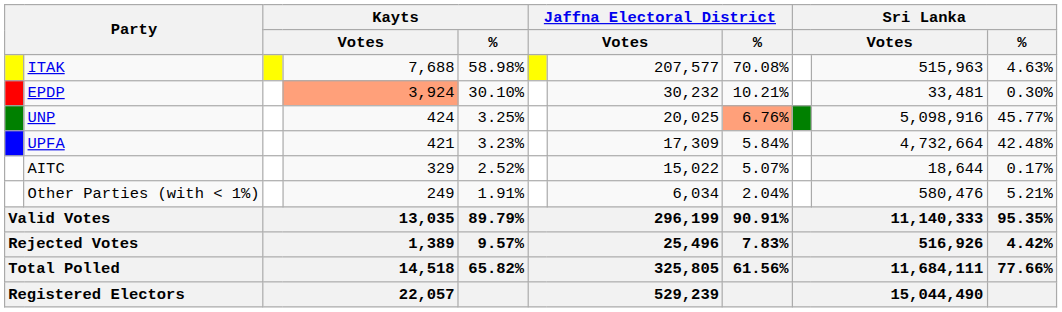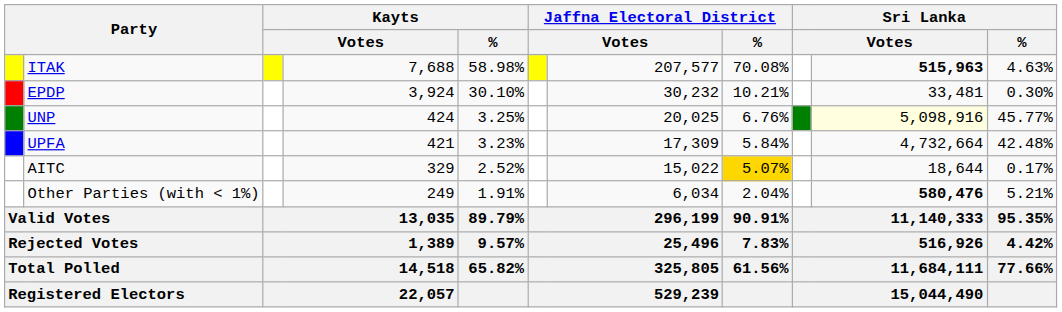 <table class="wikitable">
 <tr>
 <th colspan="2" width="144px"rowspan="2">Party</th>
 <th colspan="3" width="216px">Kayts</th>
 <th colspan="3" width="216px"><a href='#'>Jaffna Electoral District</a></th>
 <th colspan="3" width="216px">Sri Lanka</th>
 </tr>
 <tr>
 <th colspan="2" width="144px">Votes</th>
 <th>%</th>
 <th colspan="2" width="144px">Votes</th>
 <th>%</th>
 <th colspan="2" width="144px">Votes</th>
 <th>%</th>
 </tr>
 <tr>
 <td style="background-color:yellow;" width="10px"></td>
 <td style="text-align:left;"><a href='#'>ITAK</a></td>
 <td style="background-color:yellow;" width="10px"></td>
 <td style="text-align:right;">7,688</td>
 <td style="text-align:right;">58.98%</td>
 <td style="background-color:yellow;" width="10px"></td>
 <td style="text-align:right;">207,577</td>
 <td style="text-align:right;">70.08%</td>
 <td style="background-color:white;" width="10px"></td>
-<td style="text-align:right;">515,963</td>
+<td style="text-align:right;"><strong>515,963</strong></td>
 <td style="text-align:right;">4.63%</td>
 </tr>
 <tr>
 <td style="background-color:red;" width="10px"></td>
 <td style="text-align:left;"><a href='#'>EPDP</a></td>
 <td style="background-color:white;" width="10px"></td>
-<td style="background: lightsalmon; text-align:right;">3,924</td>
+<td style="text-align:right;">3,924</td>
 <td style="text-align:right;">30.10%</td>
 <td style="background-color:white;" width="10px"></td>
 <td style="text-align:right;">30,232</td>
 <td style="text-align:right;">10.21%</td>
 <td style="background-color:white;" width="10px"></td>
 <td style="text-align:right;">33,481</td>
 <td style="text-align:right;">0.30%</td>
 </tr>
 <tr>
 <td style="background-color:green;" width="10px"></td>
 <td style="text-align:left;"><a href='#'>UNP</a></td>
 <td style="background-color:white;" width="10px"></td>
 <td style="text-align:right;">424</td>
 <td style="text-align:right;">3.25%</td>
 <td style="background-color:white;" width="10px"></td>
 <td style="text-align:right;">20,025</td>
-<td style="background: lightsalmon; text-align:right;">6.76%</td>
+<td style="text-align:right;">6.76%</td>
 <td style="background-color:green;" width="10px"></td>
-<td style="text-align:right;">5,098,916</td>
+<td style="background: lightyellow; text-align:right;">5,098,916</td>
 <td style="text-align:right;">45.77%</td>
 </tr>
 <tr>
 <td style="background-color:blue;" width="10px"></td>
 <td style="text-align:left;"><a href='#'>UPFA</a></td>
 <td style="background-color:white;" width="10px"></td>
 <td style="text-align:right;">421</td>
 <td style="text-align:right;">3.23%</td>
 <td style="background-color:white;" width="10px"></td>
 <td style="text-align:right;">17,309</td>
 <td style="text-align:right;">5.84%</td>
 <td style="background-color:white;" width="10px"></td>
 <td style="text-align:right;">4,732,664</td>
 <td style="text-align:right;">42.48%</td>
 </tr>
 <tr>
 <td style="background-color:white;" width="10px"></td>
 <td style="text-align:left;">AITC</td>
 <td style="background-color:white;" width="10px"></td>
 <td style="text-align:right;">329</td>
 <td style="text-align:right;">2.52%</td>
 <td style="background-color:white;" width="10px"></td>
 <td style="text-align:right;">15,022</td>
-<td style="text-align:right;">5.07%</td>
+<td style="background: gold; text-align:right;">5.07%</td>
 <td style="background-color:white;" width="10px"></td>
 <td style="text-align:right;">18,644</td>
 <td style="text-align:right;">0.17%</td>
 </tr>
 <tr>
 <td style="background-color:white;" width="10px"></td>
 <td style="text-align:left;">Other Parties (with < 1%)</td>
 <td style="background-color:white;" width="10px"></td>
 <td style="text-align:right;">249</td>
 <td style="text-align:right;">1.91%</td>
 <td style="background-color:white;" width="10px"></td>
 <td style="text-align:right;">6,034</td>
 <td style="text-align:right;">2.04%</td>
 <td style="background-color:white;" width="10px"></td>
-<td style="text-align:right;">580,476</td>
+<td style="text-align:right;"><strong>580,476</strong></td>
 <td style="text-align:right;">5.21%</td>
 </tr>
 <tr>
 <th colspan="2" width="144px"style="text-align:left;">Valid Votes</th>
 <th style="text-align:right;"colspan="2" width="144px">13,035</th>
 <th style="text-align:right;">89.79%</th>
 <th style="text-align:right;"colspan="2" width="144px">296,199</th>
 <th style="text-align:right;">90.91%</th>
 <th style="text-align:right;"colspan="2" width="144px">11,140,333</th>
 <th style="text-align:right;">95.35%</th>
 </tr>
 <tr>
 <th colspan="2" width="144px"style="text-align:left;">Rejected Votes</th>
 <th style="text-align:right;"colspan="2" width="144px">1,389</th>
 <th style="text-align:right;">9.57%</th>
 <th style="text-align:right;"colspan="2" width="144px">25,496</th>
 <th style="text-align:right;">7.83%</th>
 <th style="text-align:right;"colspan="2" width="144px">516,926</th>
 <th style="text-align:right;">4.42%</th>
 </tr>
 <tr>
 <th colspan="2" width="144px"style="text-align:left;">Total Polled</th>
 <th style="text-align:right;"colspan="2" width="144px">14,518</th>
 <th style="text-align:right;">65.82%</th>
 <th style="text-align:right;"colspan="2" width="144px">325,805</th>
 <th style="text-align:right;">61.56%</th>
 <th style="text-align:right;"colspan="2" width="144px">11,684,111</th>
 <th style="text-align:right;">77.66%</th>
 </tr>
 <tr>
 <th colspan="2" width="144px"style="text-align:left;">Registered Electors</th>
 <th style="text-align:right;"colspan="2" width="144px">22,057</th>
 <th></th>
 <th style="text-align:right;"colspan="2" width="144px">529,239</th>
 <th></th>
 <th style="text-align:right;"colspan="2" width="144px">15,044,490</th>
 <th></th>
 </tr>
 </table>
